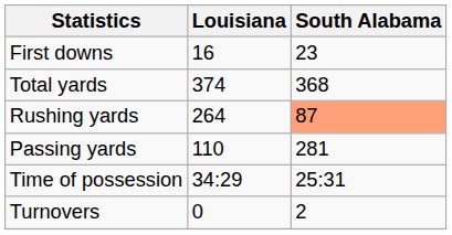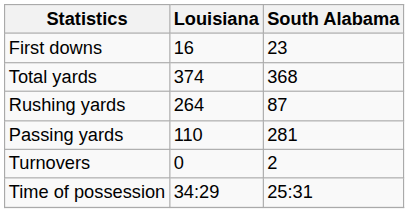 <table class="wikitable">
 <tr>
 <th>Statistics</th>
 <th>Louisiana</th>
 <th>South Alabama</th>
 </tr>
 <tr>
 <td>First downs</td>
 <td>16</td>
 <td>23</td>
 </tr>
 <tr>
 <td>Total yards</td>
 <td>374</td>
 <td>368</td>
 </tr>
 <tr>
 <td>Rushing yards</td>
 <td>264</td>
-<td style="background: lightsalmon;">87</td>
+<td>87</td>
 </tr>
 <tr>
 <td>Passing yards</td>
 <td>110</td>
 <td>281</td>
 </tr>
 <tr>
+<td>Turnovers</td>
+<td>0</td>
+<td>2</td>
+</tr>
+<tr>
 <td>Time of possession</td>
 <td>34:29</td>
 <td>25:31</td>
 </tr>
 <tr>
-<td>Turnovers</td>
-<td>0</td>
-<td>2</td>
-</tr>
-<tr>
 </tr>
 </table>
